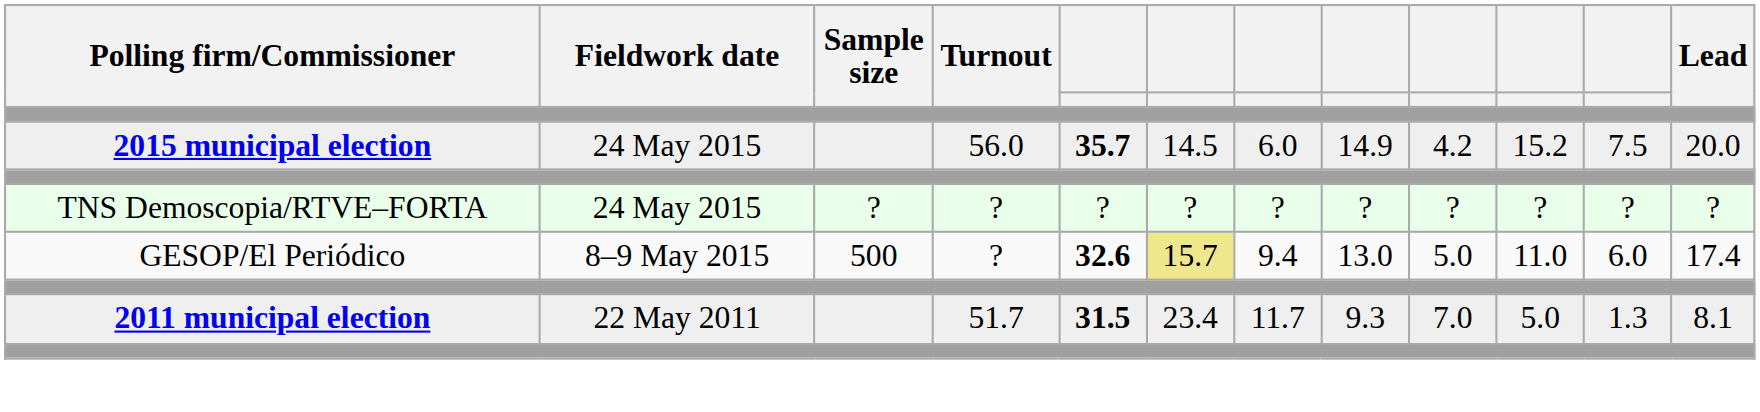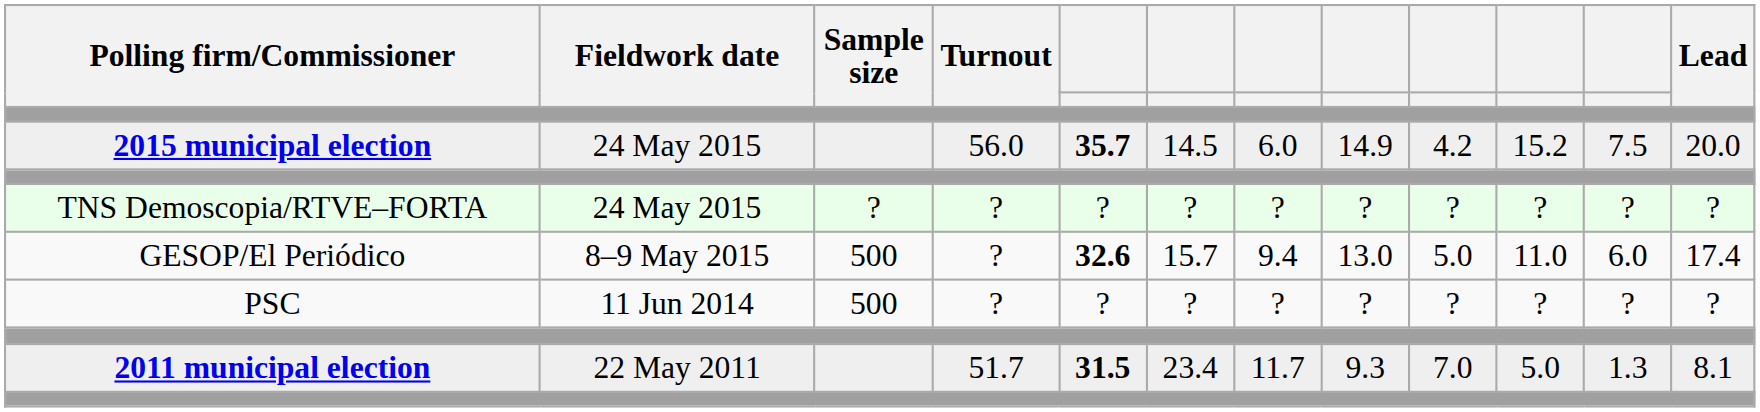 <table class="wikitable collapsible collapsed" style="text-align:center; font-size:95%; line-height:16px;">
 <tr style="height:42px;">
 <th style="width:250px;" rowspan="2">Polling firm/Commissioner</th>
 <th style="width:125px;" rowspan="2">Fieldwork date</th>
 <th style="width:50px;" rowspan="2">Sample size</th>
 <th style="width:45px;" rowspan="2">Turnout</th>
 <th style="width:35px;"></th>
 <th style="width:35px;"></th>
 <th style="width:35px;"></th>
 <th style="width:35px;"></th>
 <th style="width:35px;"></th>
 <th style="width:35px;"></th>
 <th style="width:35px;"></th>
 <th style="width:30px;" rowspan="2">Lead</th>
 </tr>
 <tr>
 <th style="color:inherit;background:"></th>
 <th style="color:inherit;background:"></th>
 <th style="color:inherit;background:"></th>
 <th style="color:inherit;background:"></th>
 <th style="color:inherit;background:"></th>
 <th style="color:inherit;background:"></th>
 <th style="color:inherit;background:"></th>
 </tr>
 <tr>
 <td colspan="12" style="background:#A0A0A0"></td>
 </tr>
 <tr style="background:#EFEFEF;">
 <td><strong><a href='#'>2015 municipal election</a></strong></td>
 <td>24 May 2015</td>
 <td></td>
 <td>56.0</td>
 <td><strong>35.7</strong><br></td>
 <td>14.5<br></td>
 <td>6.0<br></td>
 <td>14.9<br></td>
 <td>4.2<br></td>
 <td>15.2<br></td>
 <td>7.5<br></td>
 <td style="background:">20.0</td>
 </tr>
 <tr>
 <td colspan="12" style="background:#A0A0A0"></td>
 </tr>
 <tr style="background:#EAFFEA;">
 <td>TNS Demoscopia/RTVE–FORTA</td>
 <td>24 May 2015</td>
 <td>?</td>
 <td>?</td>
 <td>?<br></td>
 <td>?<br></td>
 <td>?<br></td>
 <td>?<br></td>
 <td>?<br></td>
 <td>?<br></td>
 <td>?<br></td>
 <td style="background:">?</td>
 </tr>
 <tr>
 <td>GESOP/El Periódico</td>
 <td>8–9 May 2015</td>
 <td>500</td>
 <td>?</td>
 <td><strong>32.6</strong><br></td>
-<td style="background: khaki;">15.7<br></td>
+<td>15.7<br></td>
 <td>9.4<br></td>
 <td>13.0<br></td>
 <td>5.0<br></td>
 <td>11.0<br></td>
 <td>6.0<br></td>
 <td style="background:">17.4</td>
+</tr>
+<tr>
+<td>PSC</td>
+<td>11 Jun 2014</td>
+<td>500</td>
+<td>?</td>
+<td>?<br></td>
+<td>?<br></td>
+<td>?<br></td>
+<td>?<br></td>
+<td>?<br></td>
+<td>?<br></td>
+<td>?<br></td>
+<td style="background:">?</td>
 </tr>
 <tr>
 <td colspan="12" style="background:#A0A0A0"></td>
 </tr>
 <tr style="background:#EFEFEF;">
 <td><strong><a href='#'>2011 municipal election</a></strong></td>
 <td>22 May 2011</td>
 <td></td>
 <td>51.7</td>
 <td><strong>31.5</strong><br></td>
 <td>23.4<br></td>
 <td>11.7<br></td>
 <td>9.3<br></td>
 <td>7.0<br></td>
 <td>5.0<br></td>
 <td>1.3<br></td>
 <td style="background:">8.1</td>
 </tr>
 <tr>
 <td colspan="12" style="background:#A0A0A0"></td>
 </tr>
 </table>
